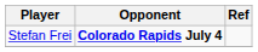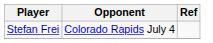 <table class=wikitable>
 <tr>
 <th>Player</th>
 <th>Opponent</th>
 <th>Ref</th>
 </tr>
 <tr>
 <td><a href='#'>Stefan Frei</a></td>
-<td><strong><a href='#'>Colorado Rapids</a> July 4</strong></td>
+<td><a href='#'>Colorado Rapids</a> July 4</td>
 <td></td>
 </tr>
 <tr>
 </tr>
 </table>
